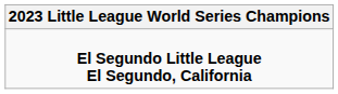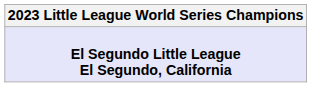 <table class="wikitable" style="text-align: center; margin: 0 auto;">
 <tr>
 <th>2023 Little League World Series Champions</th>
 </tr>
 <tr>
-<td> <br><strong>El Segundo Little League</strong><br><strong> El Segundo, California</strong></td>
+<td style="background: lavender;"> <br><strong>El Segundo Little League</strong><br><strong> El Segundo, California</strong></td>
 </tr>
 </table>
